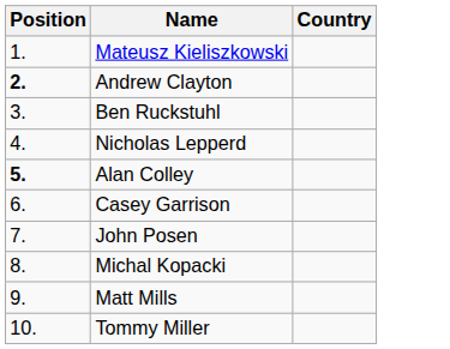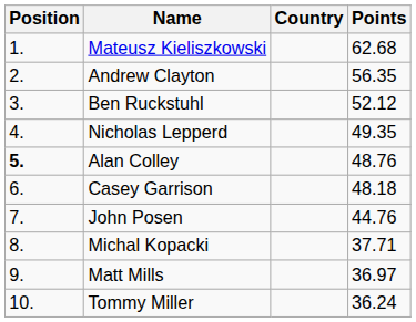 <table class="wikitable sortable" style="display: inline-table">
 <tr>
 <th>Position</th>
 <th>Name</th>
 <th>Country</th>
+<th>Points</th>
 </tr>
 <tr>
 <td>1.</td>
 <td><a href='#'>Mateusz Kieliszkowski</a></td>
 <td></td>
+<td>62.68</td>
 </tr>
 <tr>
-<td><strong>2.</strong></td>
+<td>2.</td>
 <td>Andrew Clayton</td>
 <td></td>
+<td>56.35</td>
 </tr>
 <tr>
 <td>3.</td>
 <td>Ben Ruckstuhl</td>
 <td></td>
+<td>52.12</td>
 </tr>
 <tr>
 <td>4.</td>
 <td>Nicholas Lepperd</td>
 <td></td>
+<td>49.35</td>
 </tr>
 <tr>
 <td><strong>5.</strong></td>
 <td>Alan Colley</td>
 <td></td>
+<td>48.76</td>
 </tr>
 <tr>
 <td>6.</td>
 <td>Casey Garrison</td>
 <td></td>
+<td>48.18</td>
 </tr>
 <tr>
 <td>7.</td>
 <td>John Posen</td>
 <td></td>
+<td>44.76</td>
 </tr>
 <tr>
 <td>8.</td>
 <td>Michal Kopacki</td>
 <td></td>
+<td>37.71</td>
 </tr>
 <tr>
 <td>9.</td>
 <td>Matt Mills</td>
 <td></td>
+<td>36.97</td>
 </tr>
 <tr>
 <td>10.</td>
 <td>Tommy Miller</td>
 <td></td>
+<td>36.24</td>
 </tr>
 </table>
